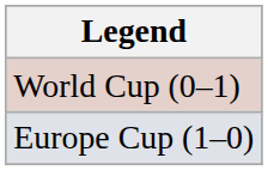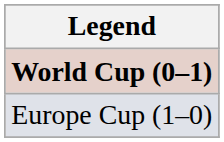 <table class="wikitable">
 <tr>
 <th>Legend</th>
 </tr>
 <tr style="background:#e5d1cb;">
-<td>World Cup (0–1)</td>
+<td><strong>World Cup (0–1)</strong></td>
 </tr>
 <tr style="background:#dfe2e9;">
 <td>Europe Cup (1–0)</td>
 </tr>
 </table>
